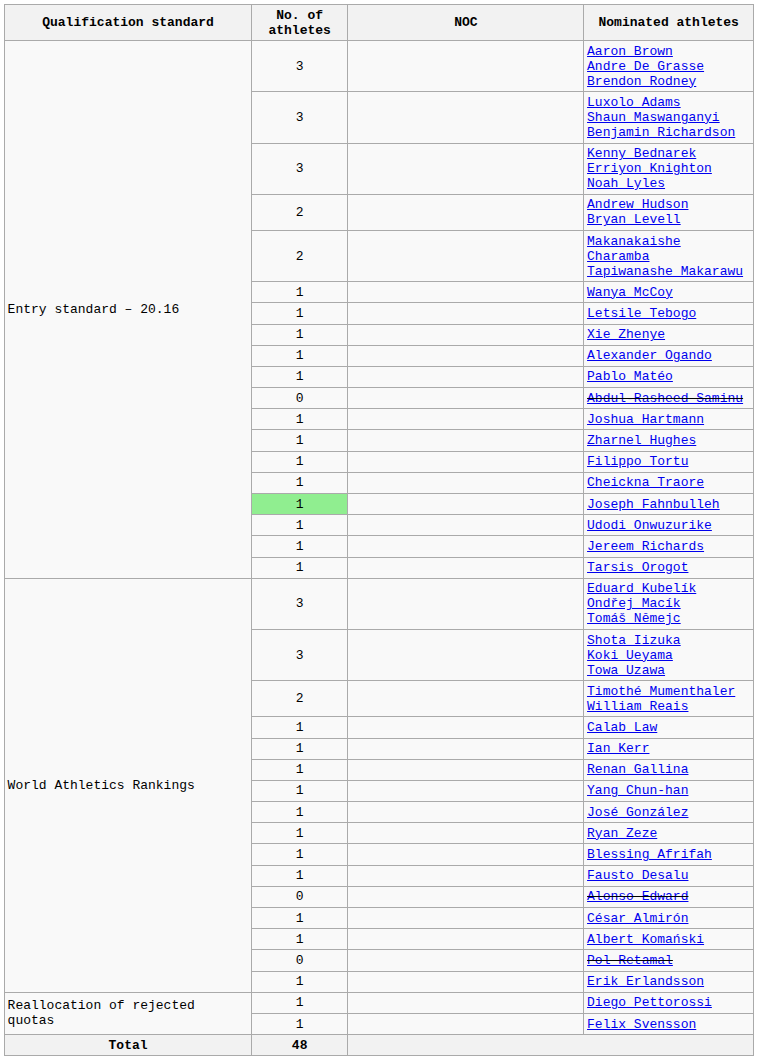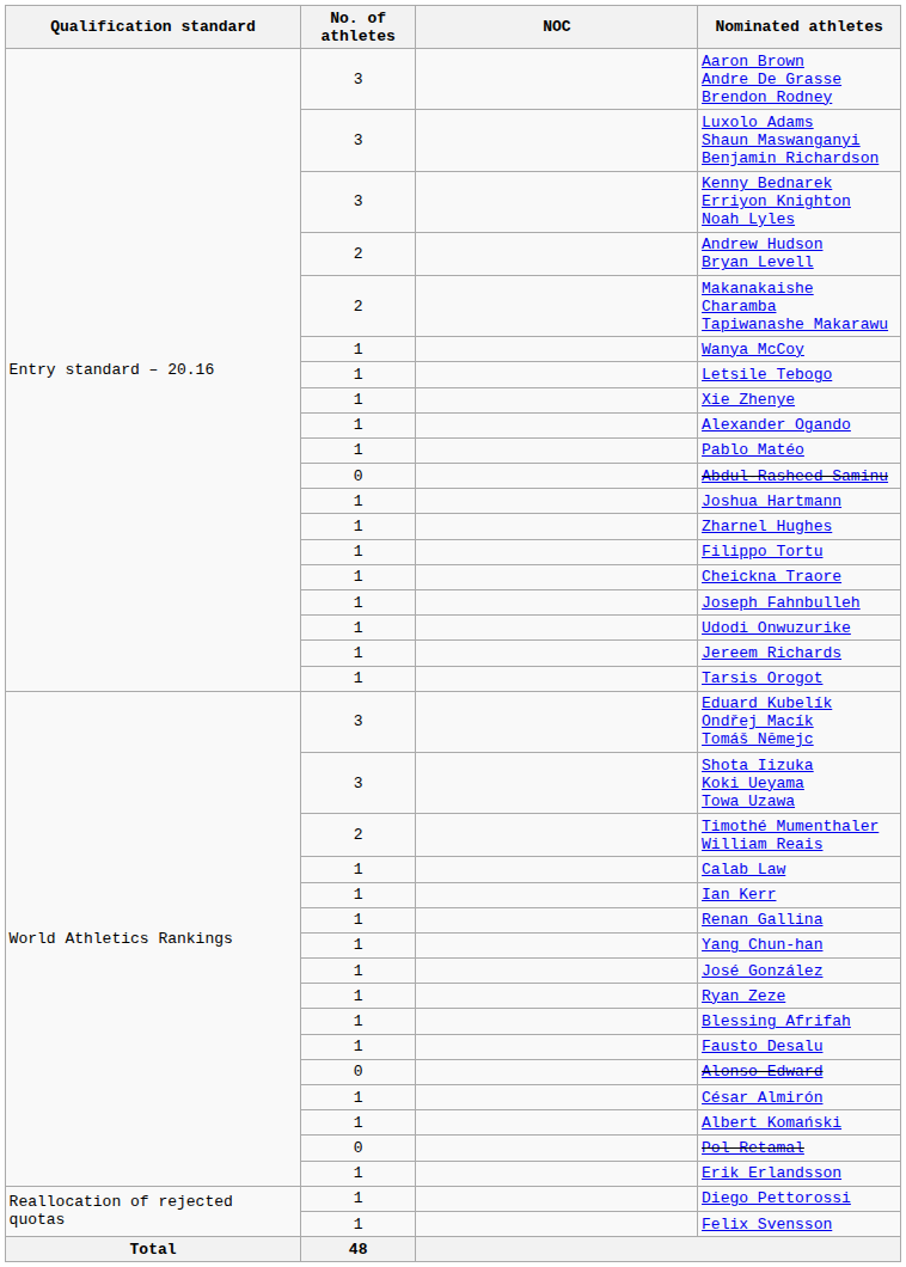 <table class="wikitable sortable" style="text-align:left; width:750px;">
 <tr>
 <th>Qualification standard</th>
 <th width=90>No. of athletes</th>
 <th width=230>NOC</th>
 <th>Nominated athletes</th>
 </tr>
 <tr>
 <td rowspan=19>Entry standard – 20.16</td>
 <td align=center>3</td>
 <td></td>
 <td><a href='#'>Aaron Brown</a><br><a href='#'>Andre De Grasse</a><br><a href='#'>Brendon Rodney</a></td>
 </tr>
 <tr>
 <td align=center>3</td>
 <td></td>
 <td><a href='#'>Luxolo Adams</a><br><a href='#'>Shaun Maswanganyi</a><br><a href='#'>Benjamin Richardson</a></td>
 </tr>
 <tr>
 <td align=center>3</td>
 <td></td>
 <td><a href='#'>Kenny Bednarek</a><br><a href='#'>Erriyon Knighton</a><br><a href='#'>Noah Lyles</a></td>
 </tr>
 <tr>
 <td align=center>2</td>
 <td></td>
 <td><a href='#'>Andrew Hudson</a><br><a href='#'>Bryan Levell</a></td>
 </tr>
 <tr>
 <td align=center>2</td>
 <td></td>
 <td><a href='#'>Makanakaishe Charamba</a><br><a href='#'>Tapiwanashe Makarawu</a></td>
 </tr>
 <tr>
 <td align=center>1</td>
 <td></td>
 <td><a href='#'>Wanya McCoy</a></td>
 </tr>
 <tr>
 <td align=center>1</td>
 <td></td>
 <td><a href='#'>Letsile Tebogo</a></td>
 </tr>
 <tr>
 <td align=center>1</td>
 <td></td>
 <td><a href='#'>Xie Zhenye</a></td>
 </tr>
 <tr>
 <td align=center>1</td>
 <td></td>
 <td><a href='#'>Alexander Ogando</a></td>
 </tr>
 <tr>
 <td align=center>1</td>
 <td></td>
 <td><a href='#'>Pablo Matéo</a></td>
 </tr>
 <tr>
 <td align=center>0</td>
 <td><s></s></td>
 <td><s><a href='#'>Abdul-Rasheed Saminu</a></s></td>
 </tr>
 <tr>
 <td align=center>1</td>
 <td></td>
 <td><a href='#'>Joshua Hartmann</a></td>
 </tr>
 <tr>
 <td align=center>1</td>
 <td></td>
 <td><a href='#'>Zharnel Hughes</a></td>
 </tr>
 <tr>
 <td align=center>1</td>
 <td></td>
 <td><a href='#'>Filippo Tortu</a></td>
 </tr>
 <tr>
 <td align=center>1</td>
 <td></td>
 <td><a href='#'>Cheickna Traore</a></td>
 </tr>
 <tr>
-<td align=center style="background: lightgreen;">1</td>
+<td align=center>1</td>
 <td></td>
 <td><a href='#'>Joseph Fahnbulleh</a></td>
 </tr>
 <tr>
 <td align=center>1</td>
 <td></td>
 <td><a href='#'>Udodi Onwuzurike</a></td>
 </tr>
 <tr>
 <td align=center>1</td>
 <td></td>
 <td><a href='#'>Jereem Richards</a></td>
 </tr>
 <tr>
 <td align=center>1</td>
 <td></td>
 <td><a href='#'>Tarsis Orogot</a></td>
 </tr>
 <tr>
 <td rowspan =16>World Athletics Rankings</td>
 <td align=center>3</td>
 <td></td>
 <td><a href='#'>Eduard Kubelík</a><br><a href='#'>Ondřej Macík</a><br><a href='#'>Tomáš Nĕmejc</a></td>
 </tr>
 <tr>
 <td align=center>3</td>
 <td></td>
 <td><a href='#'>Shota Iizuka</a><br><a href='#'>Koki Ueyama</a><br><a href='#'>Towa Uzawa</a></td>
 </tr>
 <tr>
 <td align=center>2</td>
 <td></td>
 <td><a href='#'>Timothé Mumenthaler</a><br><a href='#'>William Reais</a></td>
 </tr>
 <tr>
 <td align=center>1</td>
 <td></td>
 <td><a href='#'>Calab Law</a></td>
 </tr>
 <tr>
 <td align=center>1</td>
 <td></td>
 <td><a href='#'>Ian Kerr</a></td>
 </tr>
 <tr>
 <td align=center>1</td>
 <td></td>
 <td><a href='#'>Renan Gallina</a></td>
 </tr>
 <tr>
 <td align=center>1</td>
 <td></td>
 <td><a href='#'>Yang Chun-han</a></td>
 </tr>
 <tr>
 <td align=center>1</td>
 <td></td>
 <td><a href='#'>José González</a></td>
 </tr>
 <tr>
 <td align=center>1</td>
 <td></td>
 <td><a href='#'>Ryan Zeze</a></td>
 </tr>
 <tr>
 <td align=center>1</td>
 <td></td>
 <td><a href='#'>Blessing Afrifah</a></td>
 </tr>
 <tr>
 <td align=center>1</td>
 <td></td>
 <td><a href='#'>Fausto Desalu</a></td>
 </tr>
 <tr>
 <td align=center>0</td>
 <td><s></s></td>
 <td><s><a href='#'>Alonso Edward</a></s></td>
 </tr>
 <tr>
 <td align=center>1</td>
 <td></td>
 <td><a href='#'>César Almirón</a></td>
 </tr>
 <tr>
 <td align=center>1</td>
 <td></td>
 <td><a href='#'>Albert Komański</a></td>
 </tr>
 <tr>
 <td align=center>0</td>
 <td><s></s></td>
 <td><s><a href='#'>Pol Retamal</a></s></td>
 </tr>
 <tr>
 <td align=center>1</td>
 <td></td>
 <td><a href='#'>Erik Erlandsson</a></td>
 </tr>
 <tr>
 <td rowspan=2>Reallocation of rejected quotas</td>
 <td align=center>1</td>
 <td></td>
 <td><a href='#'>Diego Pettorossi</a></td>
 </tr>
 <tr>
 <td align=center>1</td>
 <td></td>
 <td><a href='#'>Felix Svensson</a></td>
 </tr>
 <tr>
 <th>Total</th>
 <th>48</th>
 <th colspan=2></th>
 </tr>
 </table>
